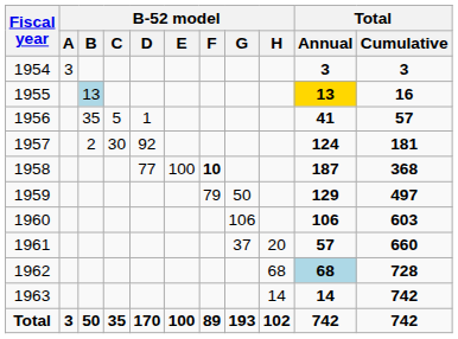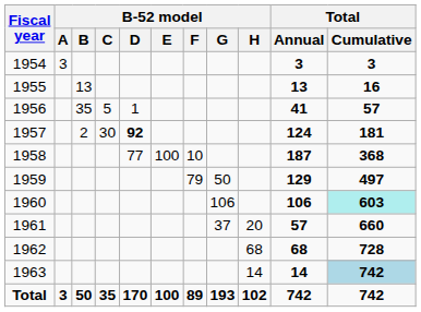 <table class="wikitable floatright" style="font-size:92%; text-align:center;">
 <tr>
 <th rowspan=2><a href='#'>Fiscal <br>year</a></th>
 <th colspan=8>B-52 model</th>
 <th colspan=2>Total</th>
 </tr>
 <tr>
 <th>A<br></th>
 <th>B<br></th>
 <th>C<br></th>
 <th>D<br></th>
 <th>E<br></th>
 <th>F<br></th>
 <th>G<br></th>
 <th>H<br></th>
 <th>Annual</th>
 <th>Cumulative</th>
 </tr>
 <tr>
 <td>1954</td>
 <td>3</td>
 <td></td>
 <td></td>
 <td></td>
 <td></td>
 <td></td>
 <td></td>
 <td></td>
 <td><strong>3</strong></td>
 <td><strong>3</strong></td>
 </tr>
 <tr>
 <td>1955</td>
 <td></td>
-<td style="background: lightblue;">13</td>
+<td>13</td>
 <td></td>
 <td></td>
 <td></td>
 <td></td>
 <td></td>
 <td></td>
-<td style="background: gold;"><strong>13</strong></td>
+<td><strong>13</strong></td>
 <td><strong>16</strong></td>
 </tr>
 <tr>
 <td>1956</td>
 <td></td>
 <td>35</td>
 <td>5</td>
 <td>1</td>
 <td></td>
 <td></td>
 <td></td>
 <td></td>
 <td><strong>41</strong></td>
 <td><strong>57</strong></td>
 </tr>
 <tr>
 <td>1957</td>
 <td></td>
 <td>2</td>
 <td>30</td>
-<td>92</td>
+<td><strong>92</strong></td>
 <td></td>
 <td></td>
 <td></td>
 <td></td>
 <td><strong>124</strong></td>
 <td><strong>181</strong></td>
 </tr>
 <tr>
 <td>1958</td>
 <td></td>
 <td></td>
 <td></td>
 <td>77</td>
 <td>100</td>
-<td><strong>10</strong></td>
+<td>10</td>
 <td></td>
 <td></td>
 <td><strong>187</strong></td>
 <td><strong>368</strong></td>
 </tr>
 <tr>
 <td>1959</td>
 <td></td>
 <td></td>
 <td></td>
 <td></td>
 <td></td>
 <td>79</td>
 <td>50</td>
 <td></td>
 <td><strong>129</strong></td>
 <td><strong>497</strong></td>
 </tr>
 <tr>
 <td>1960</td>
 <td></td>
 <td></td>
 <td></td>
 <td></td>
 <td></td>
 <td></td>
 <td>106</td>
 <td></td>
 <td><strong>106</strong></td>
-<td><strong>603</strong></td>
+<td style="background: paleturquoise;"><strong>603</strong></td>
 </tr>
 <tr>
 <td>1961</td>
 <td></td>
 <td></td>
 <td></td>
 <td></td>
 <td></td>
 <td></td>
 <td>37</td>
 <td>20</td>
 <td><strong>57</strong></td>
 <td><strong>660</strong></td>
 </tr>
 <tr>
 <td>1962</td>
 <td></td>
 <td></td>
 <td></td>
 <td></td>
 <td></td>
 <td></td>
 <td></td>
 <td>68</td>
-<td style="background: lightblue;"><strong>68</strong></td>
+<td><strong>68</strong></td>
 <td><strong>728</strong></td>
 </tr>
 <tr>
 <td>1963</td>
 <td></td>
 <td></td>
 <td></td>
 <td></td>
 <td></td>
 <td></td>
 <td></td>
 <td>14</td>
 <td><strong>14</strong></td>
-<td><strong>742</strong></td>
+<td style="background: lightblue;"><strong>742</strong></td>
 </tr>
 <tr>
 <td><strong>Total</strong></td>
 <td><strong>3</strong></td>
 <td><strong>50</strong></td>
 <td><strong>35</strong></td>
 <td><strong>170</strong></td>
 <td><strong>100</strong></td>
 <td><strong>89</strong></td>
 <td><strong>193</strong></td>
 <td><strong>102</strong></td>
 <td><strong>742</strong></td>
 <td><strong>742</strong></td>
 </tr>
 </table>
